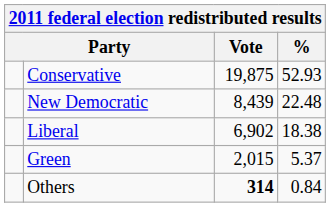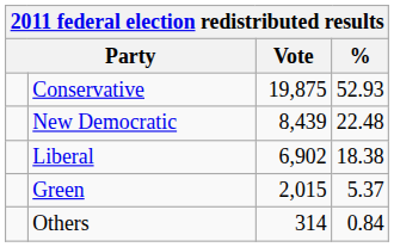 <table class="wikitable">
 <tr>
 <th colspan="4"><a href='#'>2011 federal election</a> redistributed results</th>
 </tr>
 <tr>
 <th bgcolor="#DDDDFF" width="130px" colspan="2">Party</th>
 <th bgcolor="#DDDDFF" width="50px">Vote</th>
 <th bgcolor="#DDDDFF" width="30px">%</th>
 </tr>
 <tr>
 <td> </td>
 <td><a href='#'>Conservative</a></td>
 <td align=right>19,875</td>
 <td align=right>52.93</td>
 </tr>
 <tr>
 <td> </td>
 <td><a href='#'>New Democratic</a></td>
 <td align=right>8,439</td>
 <td align=right>22.48</td>
 </tr>
 <tr>
 <td> </td>
 <td><a href='#'>Liberal</a></td>
 <td align=right>6,902</td>
 <td align=right>18.38</td>
 </tr>
 <tr>
 <td> </td>
 <td><a href='#'>Green</a></td>
 <td align=right>2,015</td>
 <td align=right>5.37</td>
 </tr>
 <tr>
 <td> </td>
 <td>Others</td>
-<td align=right><strong>314</strong></td>
+<td align=right>314</td>
 <td align=right>0.84</td>
 </tr>
 </table>
